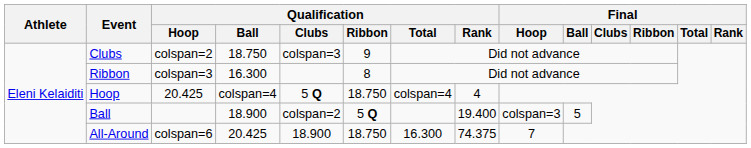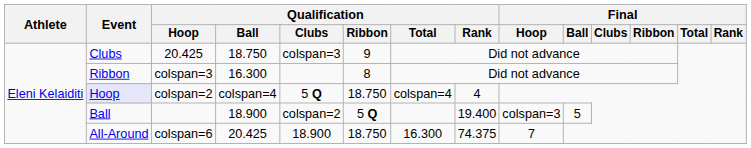 <table class=wikitable style="font-size:90%">
 <tr>
 <th rowspan=2>Athlete</th>
 <th rowspan=2>Event</th>
 <th colspan=6>Qualification</th>
 <th colspan=6>Final</th>
 </tr>
 <tr style="font-size:95%">
 <th>Hoop</th>
 <th>Ball</th>
 <th>Clubs</th>
 <th>Ribbon</th>
 <th>Total</th>
 <th>Rank</th>
 <th>Hoop</th>
 <th>Ball</th>
 <th>Clubs</th>
 <th>Ribbon</th>
 <th>Total</th>
 <th>Rank</th>
 </tr>
 <tr align=center>
 <td align=left rowspan=5><a href='#'>Eleni Kelaiditi</a></td>
 <td align=left><a href='#'>Clubs</a></td>
-<td>colspan=2 </td>
+<td>20.425</td>
 <td>18.750</td>
 <td>colspan=3 </td>
 <td>9</td>
 <td colspan=6>Did not advance</td>
 </tr>
 <tr align=center>
 <td align=left><a href='#'>Ribbon</a></td>
 <td>colspan=3 </td>
 <td>16.300</td>
 <td></td>
 <td>8</td>
 <td colspan=6>Did not advance</td>
 </tr>
 <tr align=center>
-<td align=left><a href='#'>Hoop</a></td>
-<td>20.425</td>
+<td align=left style="background: lavender;"><a href='#'>Hoop</a></td>
+<td>colspan=2 </td>
 <td>colspan=4 </td>
 <td>5 <strong>Q</strong></td>
 <td>18.750</td>
 <td>colspan=4 </td>
 <td>4</td>
 </tr>
 <tr align=center>
 <td align=left><a href='#'>Ball</a></td>
 <td></td>
 <td>18.900</td>
 <td>colspan=2 </td>
 <td>5 <strong>Q</strong></td>
 <td></td>
 <td>19.400</td>
 <td>colspan=3 </td>
 <td>5</td>
 </tr>
 <tr align=center>
 <td align=left><a href='#'>All-Around</a></td>
 <td>colspan=6 </td>
 <td>20.425</td>
 <td>18.900</td>
 <td>18.750</td>
 <td>16.300</td>
 <td>74.375</td>
 <td>7</td>
 </tr>
 </table>
